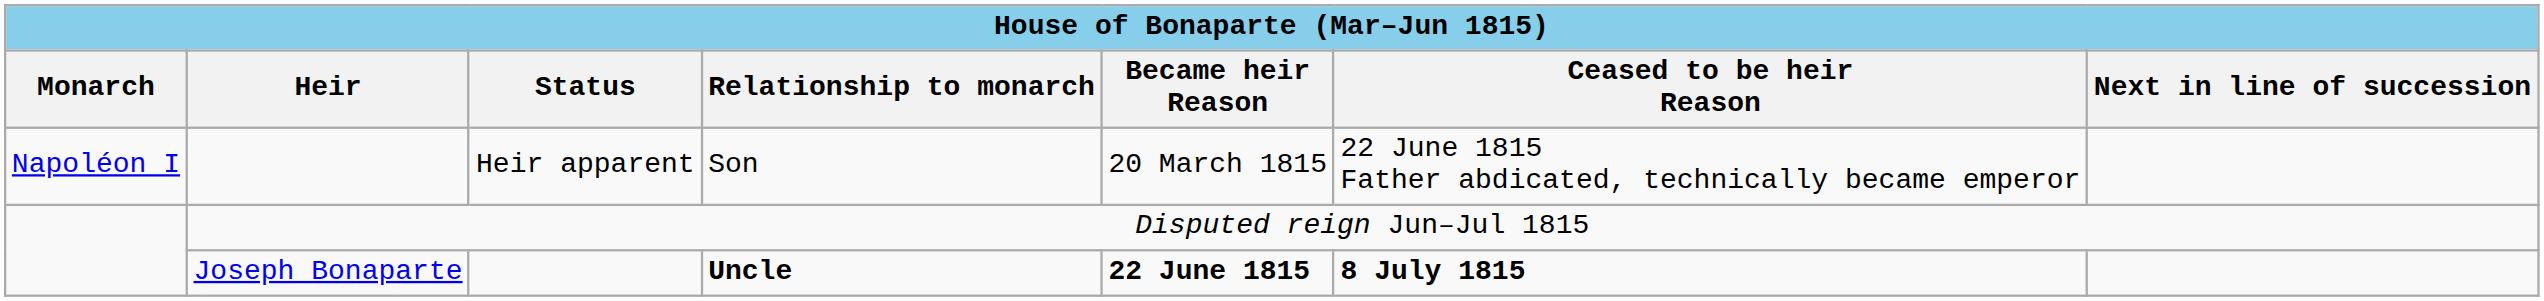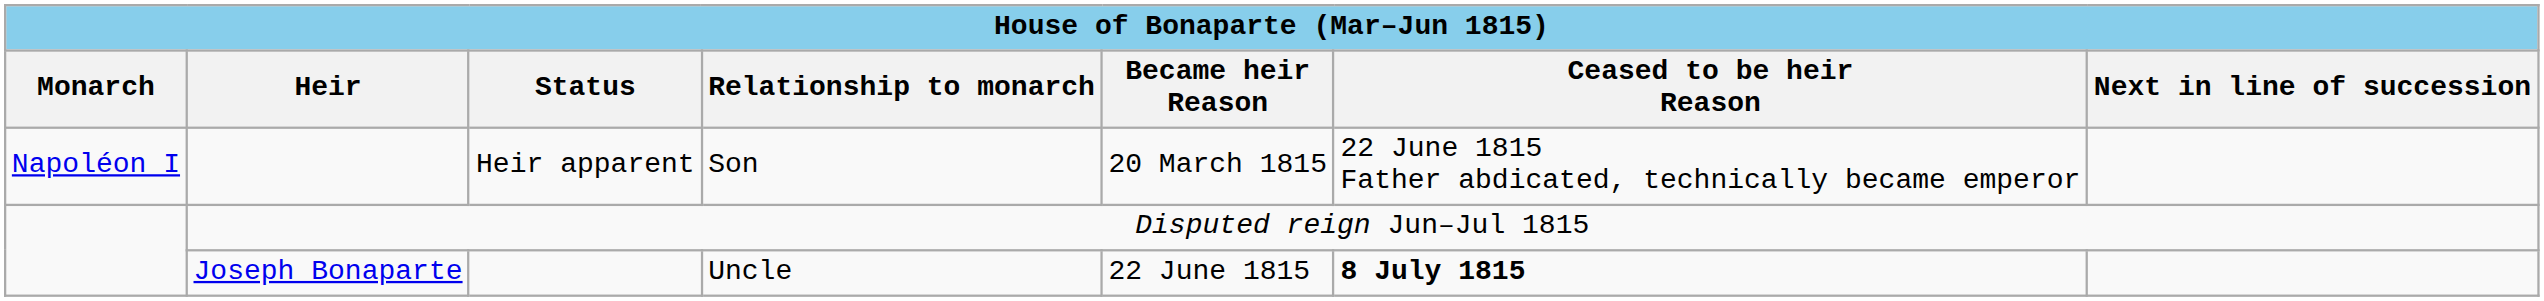 <table class="wikitable" style="font-size:95%">
 <tr>
 <th colspan="7" style="background: skyblue;">House of Bonaparte (Mar–Jun 1815)</th>
 </tr>
 <tr>
 <th>Monarch</th>
 <th>Heir</th>
 <th>Status</th>
 <th>Relationship to monarch</th>
 <th>Became heir<br>Reason</th>
 <th>Ceased to be heir<br>Reason</th>
 <th>Next in line of succession</th>
 </tr>
 <tr>
 <td><a href='#'>Napoléon I</a></td>
 <td></td>
 <td>Heir apparent</td>
 <td>Son</td>
 <td>20 March 1815<br></td>
 <td>22 June 1815<br>Father abdicated, technically became emperor</td>
 <td></td>
 </tr>
 <tr>
 <td rowspan=2></td>
 <td colspan=6 style="text-align:center"><em>Disputed reign</em> Jun–Jul 1815</td>
 </tr>
 <tr>
 <td><a href='#'>Joseph Bonaparte</a></td>
 <td></td>
-<td><strong>Uncle</strong></td>
-<td><strong>22 June 1815<br></strong></td>
+<td>Uncle</td>
+<td>22 June 1815<br></td>
 <td><strong>8 July 1815<br></strong></td>
 <td></td>
 </tr>
 </table>
